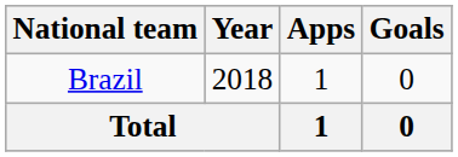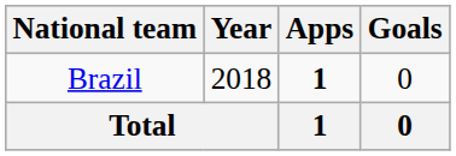 <table class="wikitable" style="text-align:center">
 <tr>
 <th>National team</th>
 <th>Year</th>
 <th>Apps</th>
 <th>Goals</th>
 </tr>
 <tr>
 <td><a href='#'>Brazil</a></td>
 <td>2018</td>
-<td>1</td>
+<td><strong>1</strong></td>
 <td>0</td>
 </tr>
 <tr>
 <th colspan="2">Total</th>
 <th>1</th>
 <th>0</th>
 </tr>
 </table>
